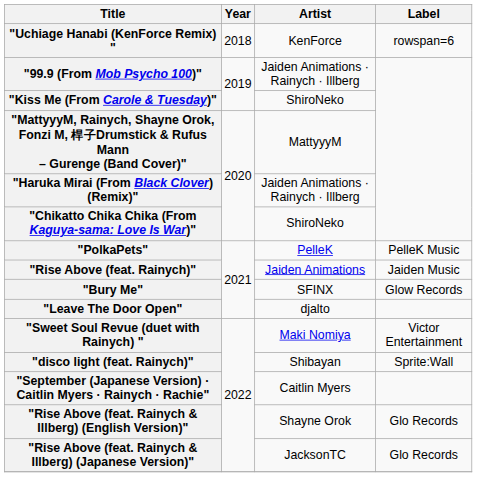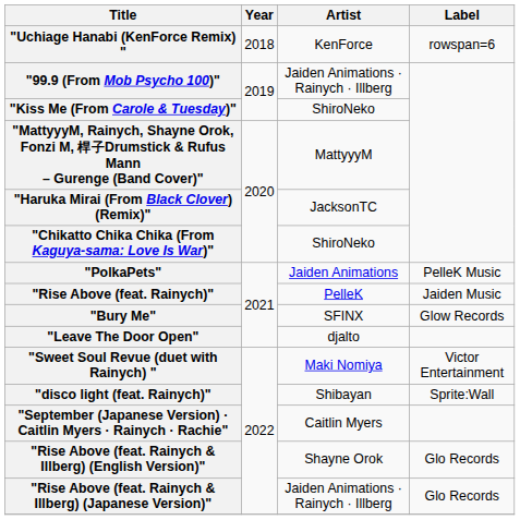 <table class="wikitable plainrowheaders" style="text-align:center">
 <tr>
 <th scope="col">Title</th>
 <th scope="col">Year</th>
 <th scope="col">Artist</th>
 <th scope="col">Label</th>
 </tr>
 <tr>
 <th scope=row>"Uchiage Hanabi (KenForce Remix) "</th>
 <td rowspan=1>2018</td>
 <td>KenForce</td>
 <td>rowspan=6 </td>
 </tr>
 <tr>
 <th scope=row>"99.9 (From <em><a href='#'>Mob Psycho 100</a></em>)"</th>
 <td rowspan=2>2019</td>
 <td align=center>Jaiden Animations · Rainych · Illberg</td>
 </tr>
 <tr>
 <th scope=row>"Kiss Me (From <em><a href='#'>Carole & Tuesday</a></em>)"</th>
 <td>ShiroNeko</td>
 </tr>
 <tr>
 <th scope="row">"MattyyyM, Rainych, Shayne Orok, Fonzi M, 桿子Drumstick & Rufus Mann<br>– Gurenge (Band Cover)"</th>
 <td rowspan=3>2020</td>
 <td>MattyyyM</td>
 </tr>
 <tr>
 <th scope=row>"Haruka Mirai (From <em><a href='#'>Black Clover</a></em>) (Remix)"</th>
-<td align=center>Jaiden Animations · Rainych · Illberg</td>
+<td>JacksonTC</td>
 </tr>
 <tr>
 <th scope=row>"Chikatto Chika Chika (From <em><a href='#'>Kaguya-sama: Love Is War</a></em>)"</th>
 <td>ShiroNeko</td>
 </tr>
 <tr>
 <th scope=row>"PolkaPets"</th>
 <td rowspan=4>2021</td>
-<td align=center><a href='#'>PelleK</a></td>
+<td align=center><a href='#'>Jaiden Animations</a></td>
 <td>PelleK Music</td>
 </tr>
 <tr>
 <th scope=row>"Rise Above (feat. Rainych)"</th>
-<td align=center><a href='#'>Jaiden Animations</a></td>
+<td align=center><a href='#'>PelleK</a></td>
 <td>Jaiden Music</td>
 </tr>
 <tr>
 <th scope=row>"Bury Me"</th>
 <td align=center>SFINX</td>
 <td>Glow Records</td>
 </tr>
 <tr>
 <th scope=row>"Leave The Door Open"</th>
 <td align=center>djalto</td>
 <td></td>
 </tr>
 <tr>
 <th scope=row>"Sweet Soul Revue (duet with Rainych) "</th>
 <td rowspan=5>2022</td>
 <td align=center><a href='#'>Maki Nomiya</a></td>
 <td>Victor Entertainment</td>
 </tr>
 <tr>
 <th scope=row>"disco light (feat. Rainych)"</th>
 <td align=center>Shibayan</td>
 <td>Sprite:Wall</td>
 </tr>
 <tr>
 <th scope=row>"September (Japanese Version) · Caitlin Myers · Rainych · Rachie"</th>
 <td align=center>Caitlin Myers</td>
 <td></td>
 </tr>
 <tr>
 <th scope=row>"Rise Above (feat. Rainych & Illberg) (English Version)"</th>
 <td>Shayne Orok</td>
 <td>Glo Records</td>
 </tr>
 <tr>
 <th scope=row>"Rise Above (feat. Rainych & Illberg) (Japanese Version)"</th>
-<td>JacksonTC</td>
+<td align=center>Jaiden Animations · Rainych · Illberg</td>
 <td>Glo Records</td>
 </tr>
 <tr>
 </tr>
 </table>
